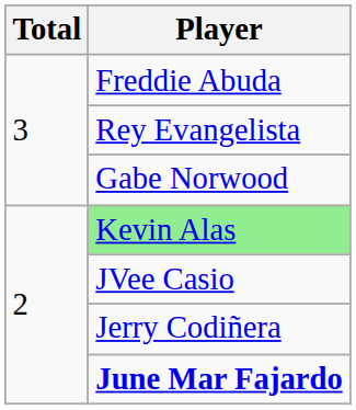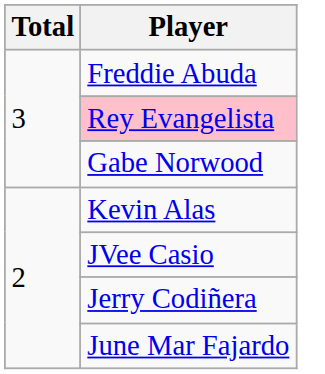 <table class="wikitable">
 <tr>
 <th>Total</th>
 <th>Player</th>
 </tr>
 <tr>
 <td rowspan=3>3</td>
 <td><a href='#'>Freddie Abuda</a></td>
 </tr>
 <tr>
-<td><a href='#'>Rey Evangelista</a></td>
+<td style="background: pink;"><a href='#'>Rey Evangelista</a></td>
 </tr>
 <tr>
 <td><a href='#'>Gabe Norwood</a></td>
 </tr>
 <tr>
 <td rowspan=4>2</td>
-<td style="background: lightgreen;"><a href='#'>Kevin Alas</a></td>
+<td><a href='#'>Kevin Alas</a></td>
 </tr>
 <tr>
 <td><a href='#'>JVee Casio</a></td>
 </tr>
 <tr>
 <td><a href='#'>Jerry Codiñera</a></td>
 </tr>
 <tr>
-<td><strong><a href='#'>June Mar Fajardo</a></strong></td>
+<td><a href='#'>June Mar Fajardo</a></td>
 </tr>
 </table>
